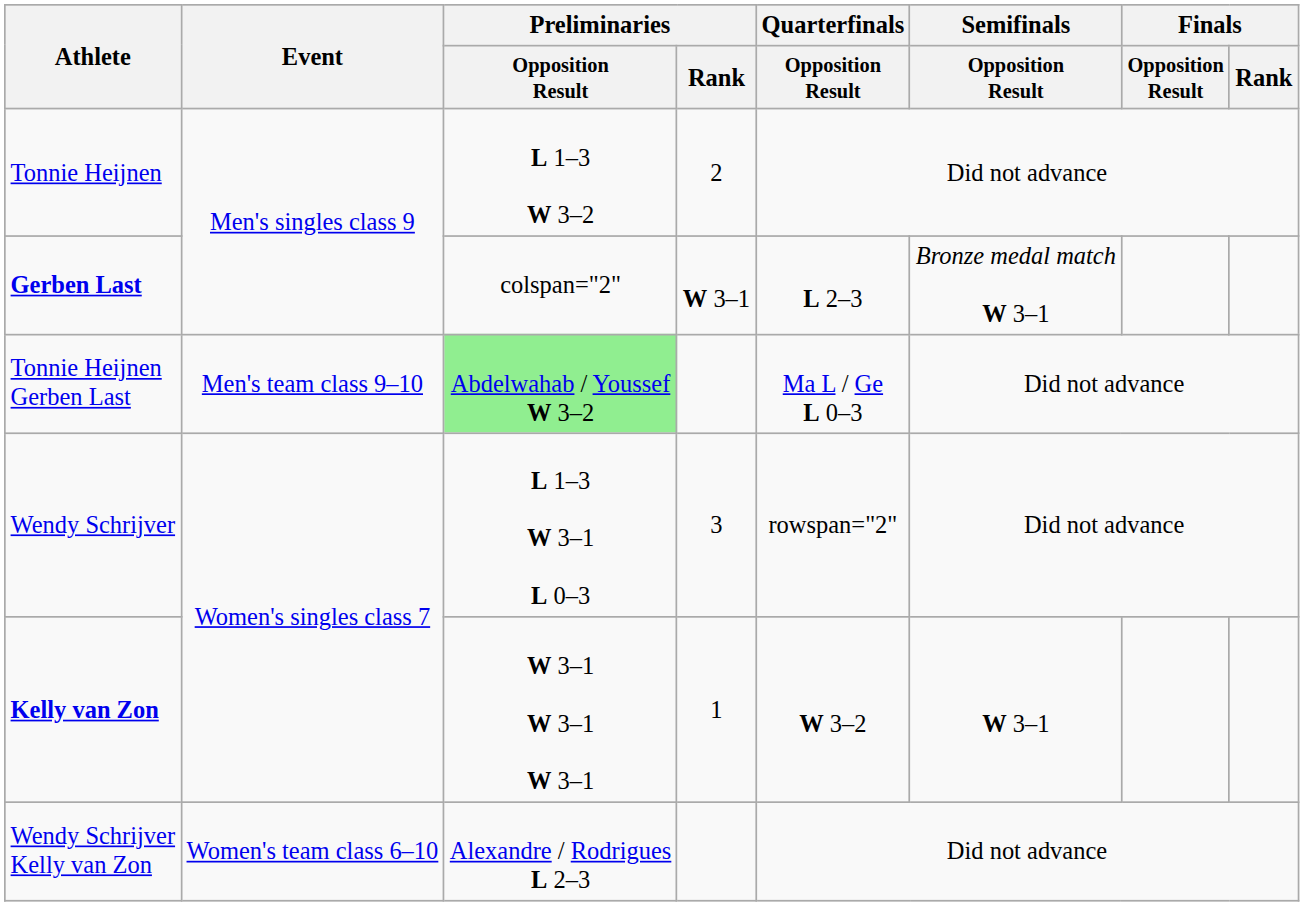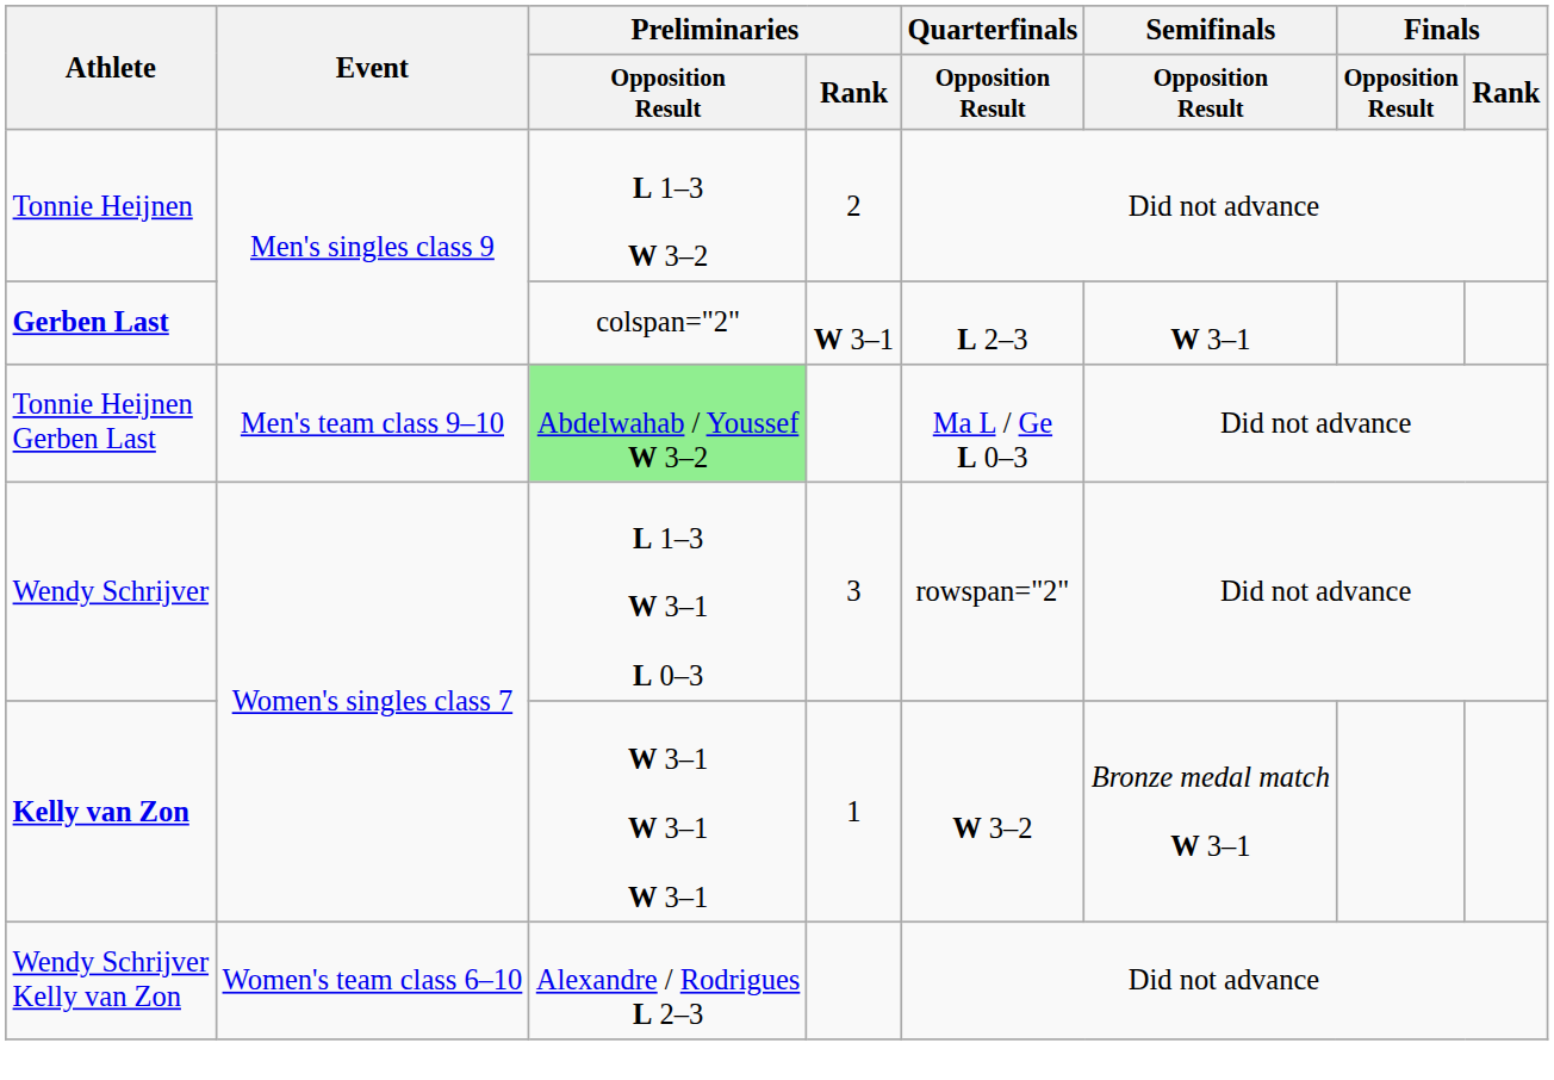 <table class=wikitable style="font-size:90%;text-align:center">
 <tr>
 <th rowspan="2">Athlete</th>
 <th rowspan="2">Event</th>
 <th colspan="2">Preliminaries</th>
 <th>Quarterfinals</th>
 <th>Semifinals</th>
 <th colspan="2">Finals</th>
 </tr>
 <tr>
 <th style="line-height:1em"><small>Opposition<br>Result</small></th>
 <th>Rank</th>
 <th style="line-height:1em"><small>Opposition<br>Result</small></th>
 <th style="line-height:1em"><small>Opposition<br>Result</small></th>
 <th style="line-height:1em"><small>Opposition<br>Result</small></th>
 <th>Rank</th>
 </tr>
 <tr>
 <td align=left><a href='#'>Tonnie Heijnen</a></td>
 <td rowspan="2"><a href='#'>Men's singles class 9</a></td>
 <td><br><strong>L</strong> 1–3<br><br><strong>W</strong> 3–2</td>
 <td>2</td>
 <td colspan=4>Did not advance</td>
 </tr>
 <tr>
 <td align=left><strong><a href='#'>Gerben Last</a></strong></td>
 <td>colspan="2" </td>
 <td><br><strong>W</strong> 3–1</td>
 <td><br><strong>L</strong> 2–3</td>
-<td><em>Bronze medal match</em><br><br><strong>W</strong> 3–1</td>
+<td><br><strong>W</strong> 3–1</td>
 <td></td>
 </tr>
 <tr>
 <td align=left><a href='#'>Tonnie Heijnen</a><br><a href='#'>Gerben Last</a></td>
 <td><a href='#'>Men's team class 9–10</a></td>
 <td style="background: lightgreen;"><br><a href='#'>Abdelwahab</a> / <a href='#'>Youssef</a><br><strong>W</strong> 3–2</td>
 <td></td>
 <td><br><a href='#'>Ma L</a> / <a href='#'>Ge</a><br><strong>L</strong> 0–3</td>
 <td colspan=3>Did not advance</td>
 </tr>
 <tr>
 <td align=left><a href='#'>Wendy Schrijver</a></td>
 <td rowspan="2"><a href='#'>Women's singles class 7</a></td>
 <td><br><strong>L</strong> 1–3<br><br><strong>W</strong> 3–1<br><br><strong>L</strong> 0–3</td>
 <td>3</td>
 <td>rowspan="2" </td>
 <td colspan=3>Did not advance</td>
 </tr>
 <tr>
 <td align=left><strong><a href='#'>Kelly van Zon</a></strong></td>
 <td><br><strong>W</strong> 3–1<br><br><strong>W</strong> 3–1<br><br><strong>W</strong> 3–1</td>
 <td>1</td>
 <td><br><strong>W</strong> 3–2</td>
-<td><br><strong>W</strong> 3–1</td>
+<td><em>Bronze medal match</em><br><br><strong>W</strong> 3–1</td>
 <td></td>
 </tr>
 <tr>
 <td align=left><a href='#'>Wendy Schrijver</a><br><a href='#'>Kelly van Zon</a></td>
 <td><a href='#'>Women's team class 6–10</a></td>
 <td><br><a href='#'>Alexandre</a> / <a href='#'>Rodrigues</a><br><strong>L</strong> 2–3</td>
 <td></td>
 <td colspan=4>Did not advance</td>
 </tr>
 </table>
